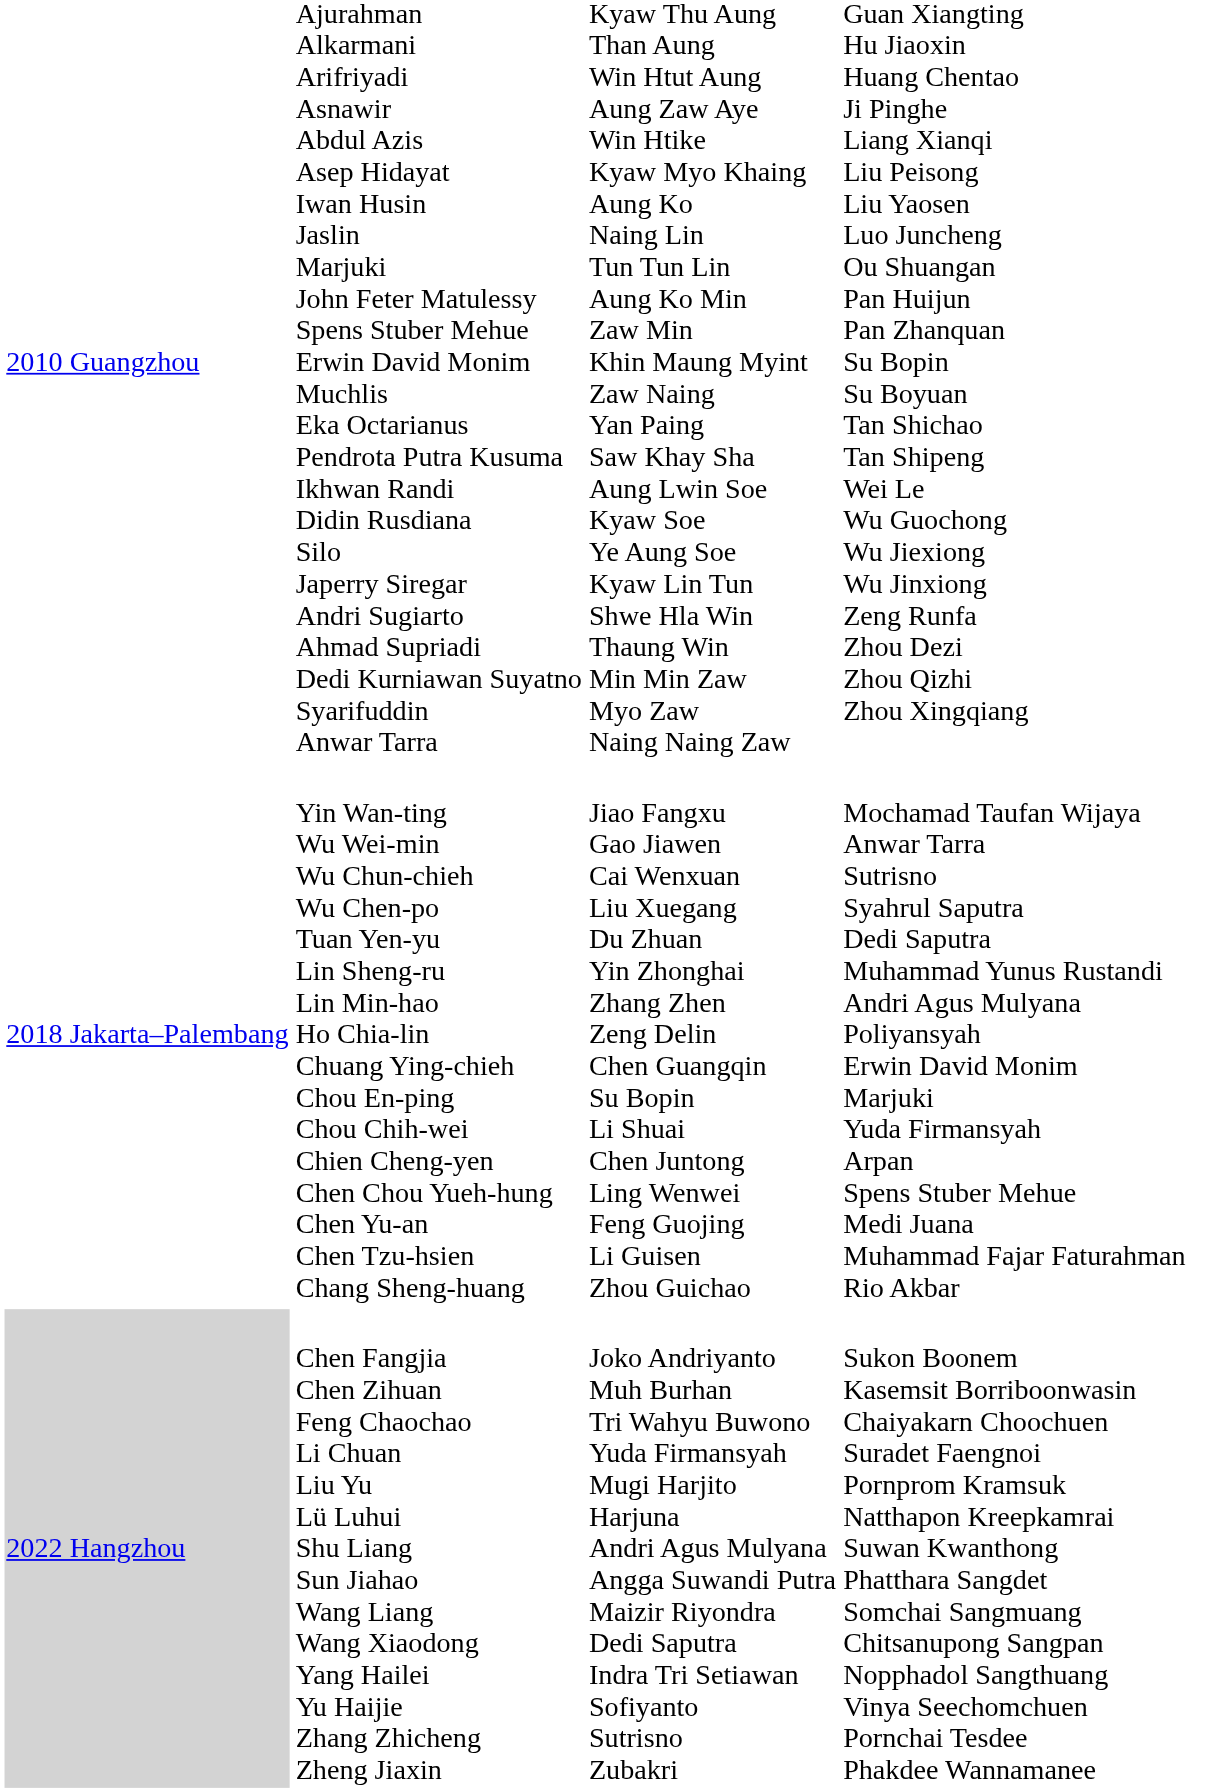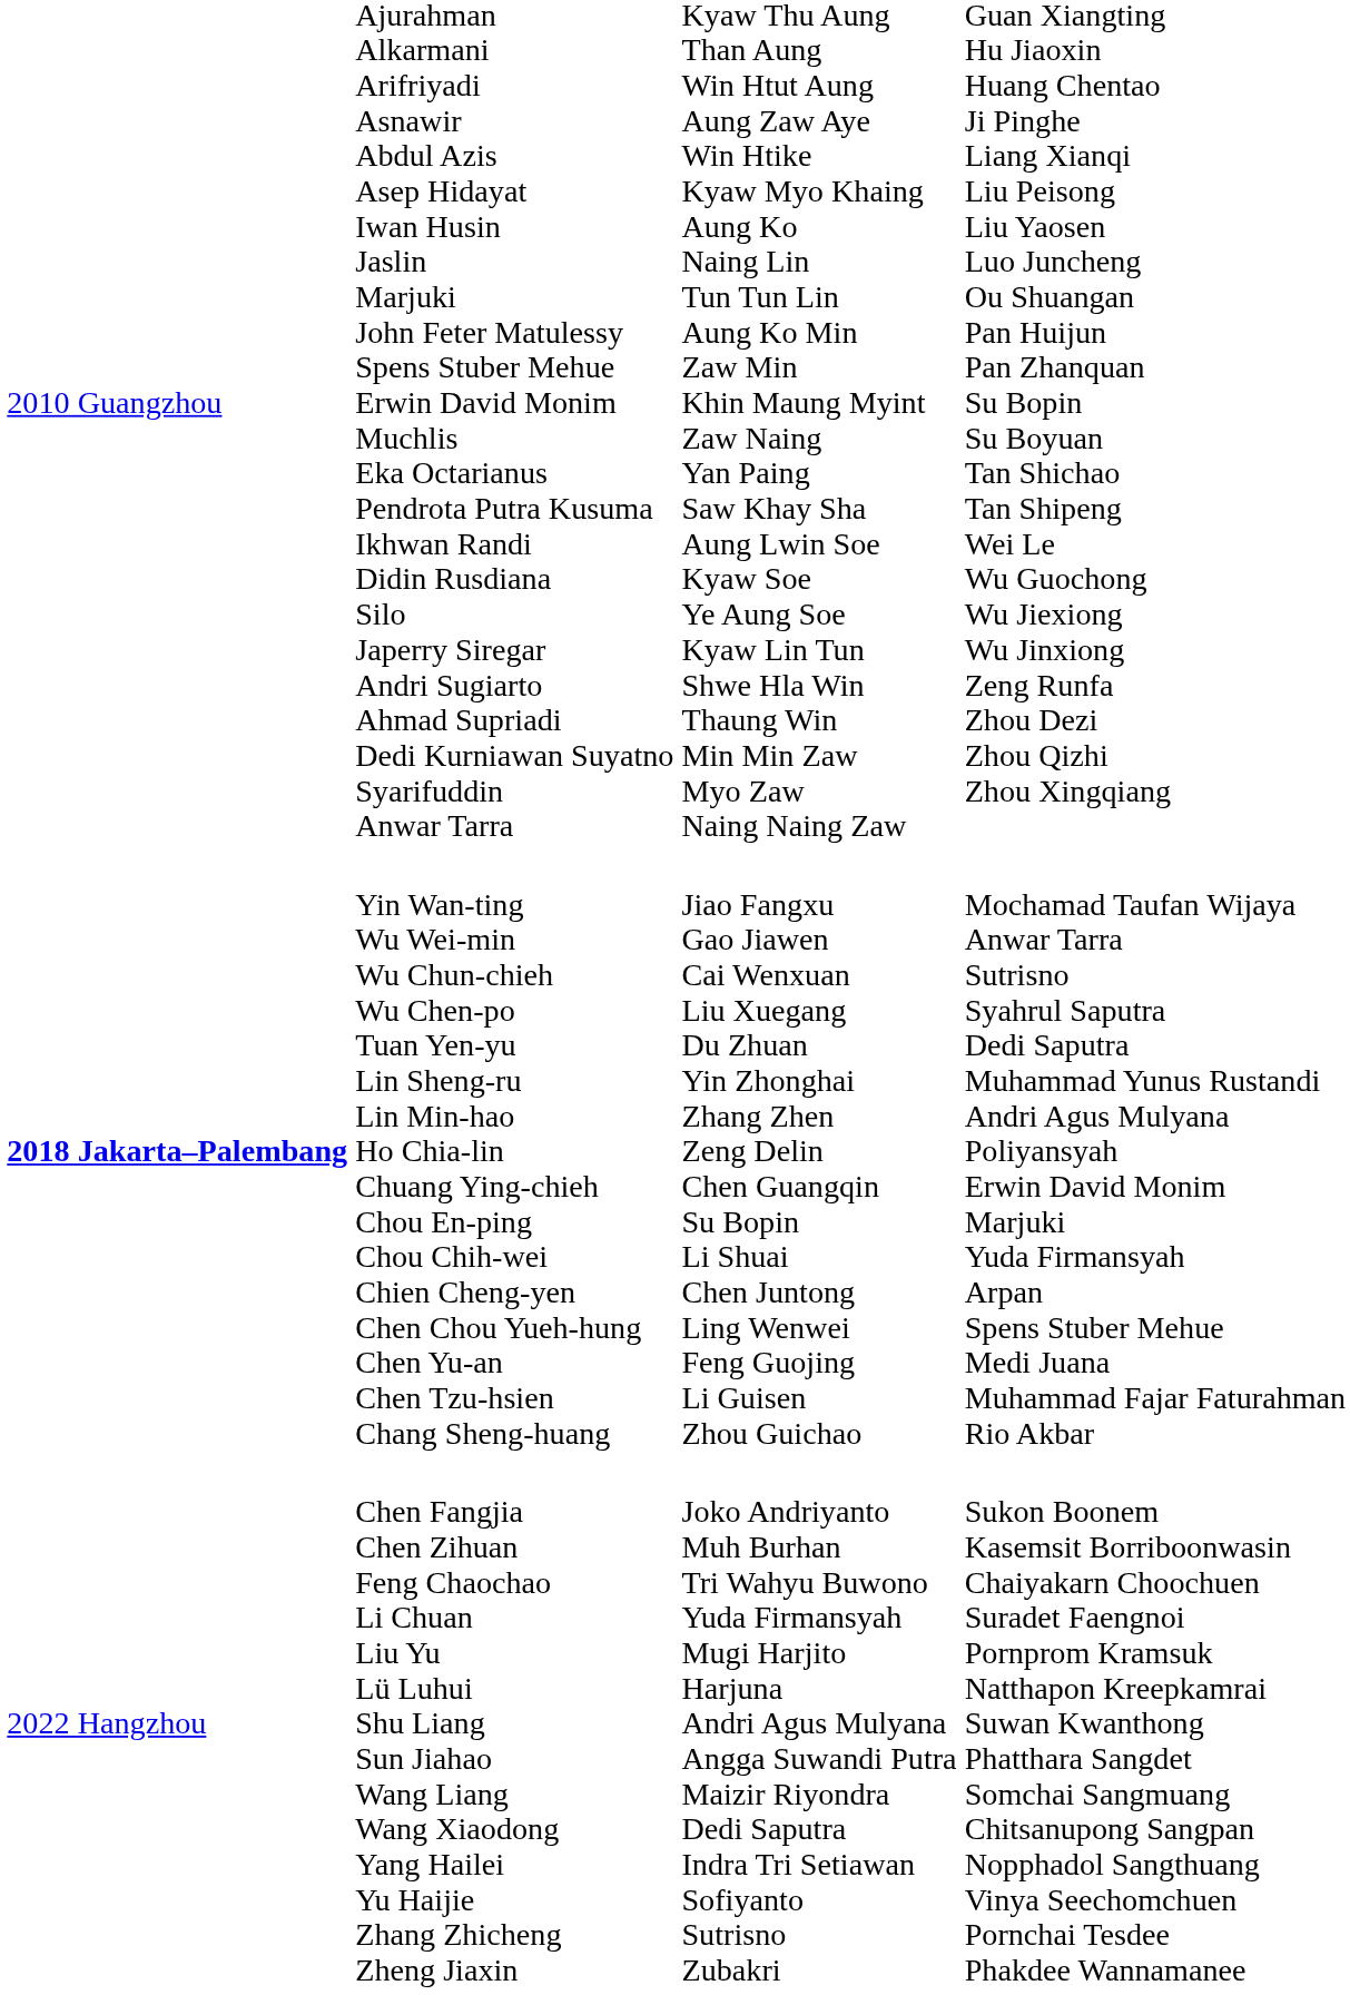 <table>
 <tr>
 <td><a href='#'>2010 Guangzhou</a></td>
 <td><br>Ajurahman<br>Alkarmani<br>Arifriyadi<br>Asnawir<br>Abdul Azis<br>Asep Hidayat<br>Iwan Husin<br>Jaslin<br>Marjuki<br>John Feter Matulessy<br>Spens Stuber Mehue<br>Erwin David Monim<br>Muchlis<br>Eka Octarianus<br>Pendrota Putra Kusuma<br>Ikhwan Randi<br>Didin Rusdiana<br>Silo<br>Japerry Siregar<br>Andri Sugiarto<br>Ahmad Supriadi<br>Dedi Kurniawan Suyatno<br>Syarifuddin<br>Anwar Tarra</td>
 <td><br>Kyaw Thu Aung<br>Than Aung<br>Win Htut Aung<br>Aung Zaw Aye<br>Win Htike<br>Kyaw Myo Khaing<br>Aung Ko<br>Naing Lin<br>Tun Tun Lin<br>Aung Ko Min<br>Zaw Min<br>Khin Maung Myint<br>Zaw Naing<br>Yan Paing<br>Saw Khay Sha<br>Aung Lwin Soe<br>Kyaw Soe<br>Ye Aung Soe<br>Kyaw Lin Tun<br>Shwe Hla Win<br>Thaung Win<br>Min Min Zaw<br>Myo Zaw<br>Naing Naing Zaw</td>
 <td valign=top><br>Guan Xiangting<br>Hu Jiaoxin<br>Huang Chentao<br>Ji Pinghe<br>Liang Xianqi<br>Liu Peisong<br>Liu Yaosen<br>Luo Juncheng<br>Ou Shuangan<br>Pan Huijun<br>Pan Zhanquan<br>Su Bopin<br>Su Boyuan<br>Tan Shichao<br>Tan Shipeng<br>Wei Le<br>Wu Guochong<br>Wu Jiexiong<br>Wu Jinxiong<br>Zeng Runfa<br>Zhou Dezi<br>Zhou Qizhi<br>Zhou Xingqiang</td>
 </tr>
 <tr>
-<td><a href='#'>2018 Jakarta–Palembang</a></td>
+<td><strong><a href='#'>2018 Jakarta–Palembang</a></strong></td>
 <td><br>Yin Wan-ting<br>Wu Wei-min<br>Wu Chun-chieh<br>Wu Chen-po<br>Tuan Yen-yu<br>Lin Sheng-ru<br>Lin Min-hao<br>Ho Chia-lin<br>Chuang Ying-chieh<br>Chou En-ping<br>Chou Chih-wei<br>Chien Cheng-yen<br>Chen Chou Yueh-hung<br>Chen Yu-an<br>Chen Tzu-hsien<br>Chang Sheng-huang</td>
 <td><br>Jiao Fangxu<br>Gao Jiawen<br>Cai Wenxuan<br>Liu Xuegang<br>Du Zhuan<br>Yin Zhonghai<br>Zhang Zhen<br>Zeng Delin<br>Chen Guangqin<br>Su Bopin<br>Li Shuai<br>Chen Juntong<br>Ling Wenwei<br>Feng Guojing<br>Li Guisen<br>Zhou Guichao</td>
 <td><br>Mochamad Taufan Wijaya<br>Anwar Tarra<br>Sutrisno<br>Syahrul Saputra<br>Dedi Saputra<br>Muhammad Yunus Rustandi<br>Andri Agus Mulyana<br>Poliyansyah<br>Erwin David Monim<br>Marjuki<br>Yuda Firmansyah<br>Arpan<br>Spens Stuber Mehue<br>Medi Juana<br>Muhammad Fajar Faturahman<br>Rio Akbar</td>
 </tr>
 <tr>
-<td style="background: lightgrey;"><a href='#'>2022 Hangzhou</a></td>
+<td><a href='#'>2022 Hangzhou</a></td>
 <td><br>Chen Fangjia<br>Chen Zihuan<br>Feng Chaochao<br>Li Chuan<br>Liu Yu<br>Lü Luhui<br>Shu Liang<br>Sun Jiahao<br>Wang Liang<br>Wang Xiaodong<br>Yang Hailei<br>Yu Haijie<br>Zhang Zhicheng<br>Zheng Jiaxin</td>
 <td><br>Joko Andriyanto<br>Muh Burhan<br>Tri Wahyu Buwono<br>Yuda Firmansyah<br>Mugi Harjito<br>Harjuna<br>Andri Agus Mulyana<br>Angga Suwandi Putra<br>Maizir Riyondra<br>Dedi Saputra<br>Indra Tri Setiawan<br>Sofiyanto<br>Sutrisno<br>Zubakri</td>
 <td><br>Sukon Boonem<br>Kasemsit Borriboonwasin<br>Chaiyakarn Choochuen<br>Suradet Faengnoi<br>Pornprom Kramsuk<br>Natthapon Kreepkamrai<br>Suwan Kwanthong<br>Phatthara Sangdet<br>Somchai Sangmuang<br>Chitsanupong Sangpan<br>Nopphadol Sangthuang<br>Vinya Seechomchuen<br>Pornchai Tesdee<br>Phakdee Wannamanee</td>
 </tr>
 </table>
